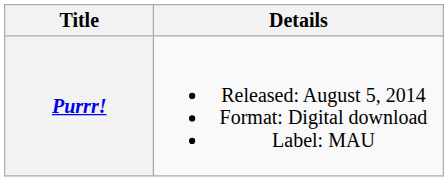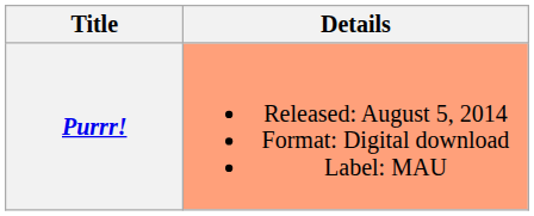 <table class="wikitable plainrowheaders" style="text-align:center;">
 <tr>
 <th scope="col" style="width:7em;">Title</th>
 <th scope="col" style="width:14em;">Details</th>
 </tr>
 <tr>
 <th scope="row"><em><a href='#'>Purrr!</a></em></th>
-<td><br><ul><li>Released: August 5, 2014</li><li>Format: Digital download</li><li>Label: MAU</li></ul></td>
+<td style="background: lightsalmon;"><br><ul><li>Released: August 5, 2014</li><li>Format: Digital download</li><li>Label: MAU</li></ul></td>
 </tr>
 </table>
